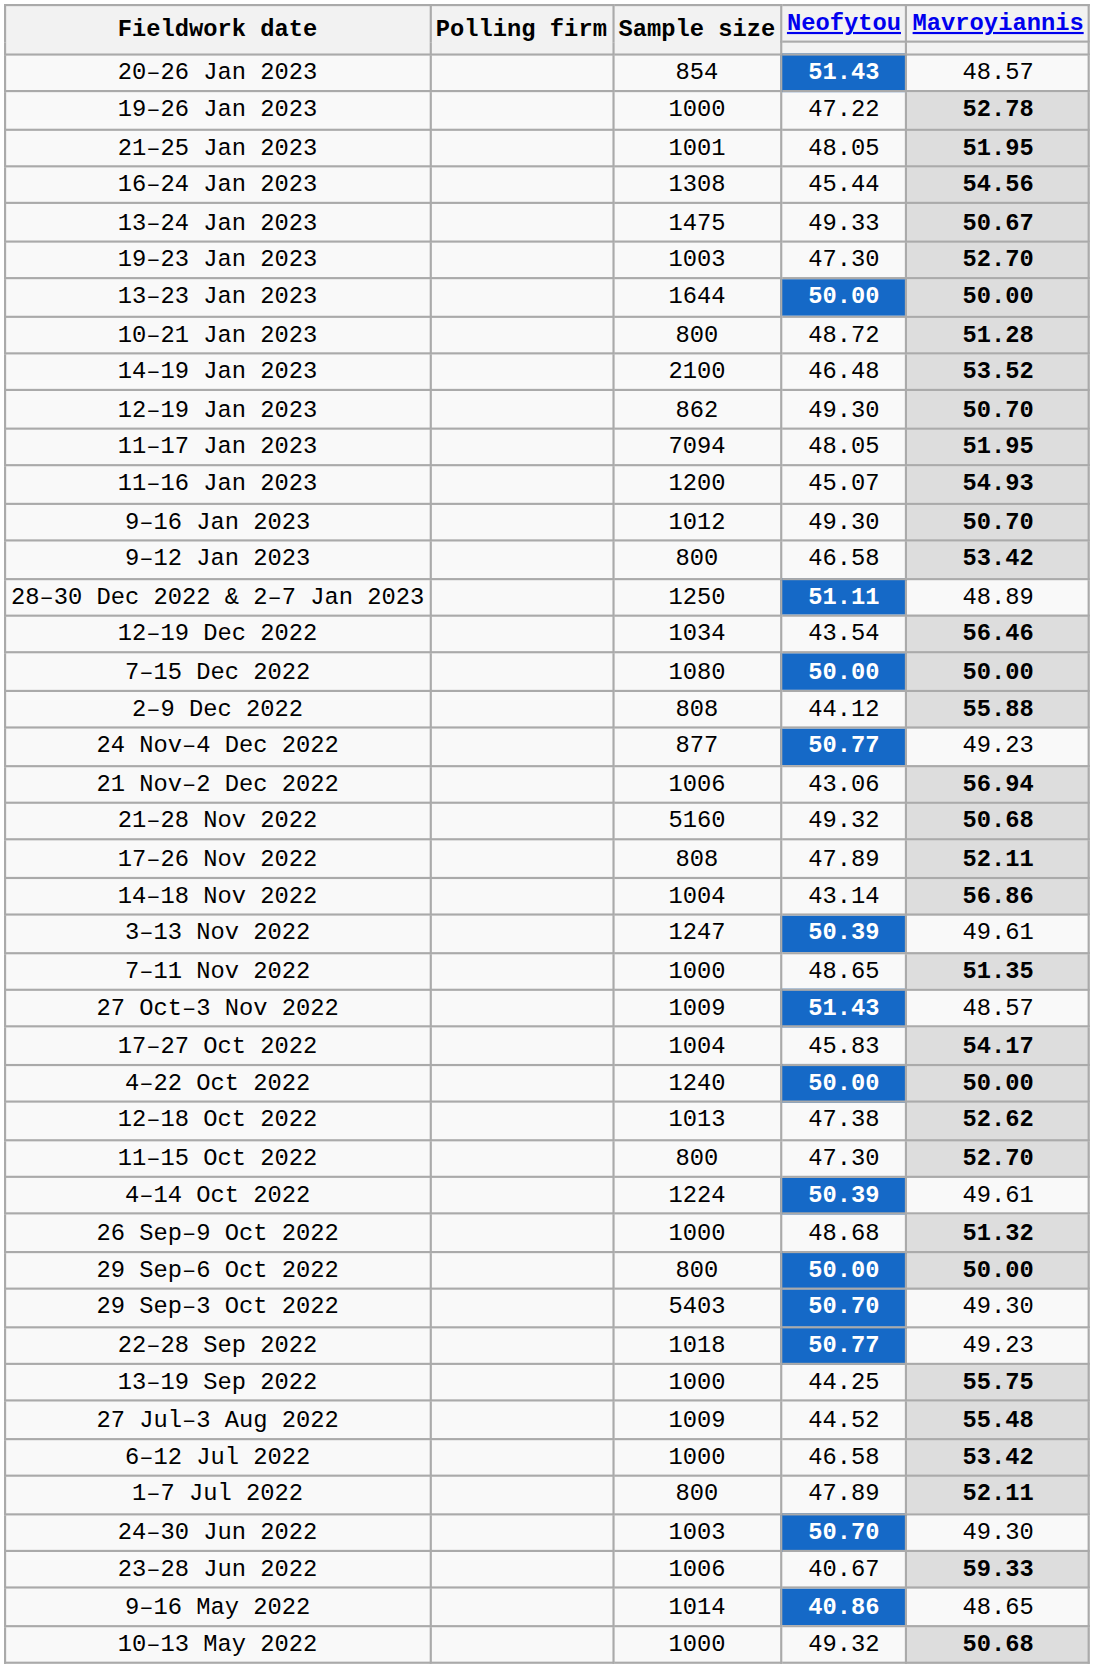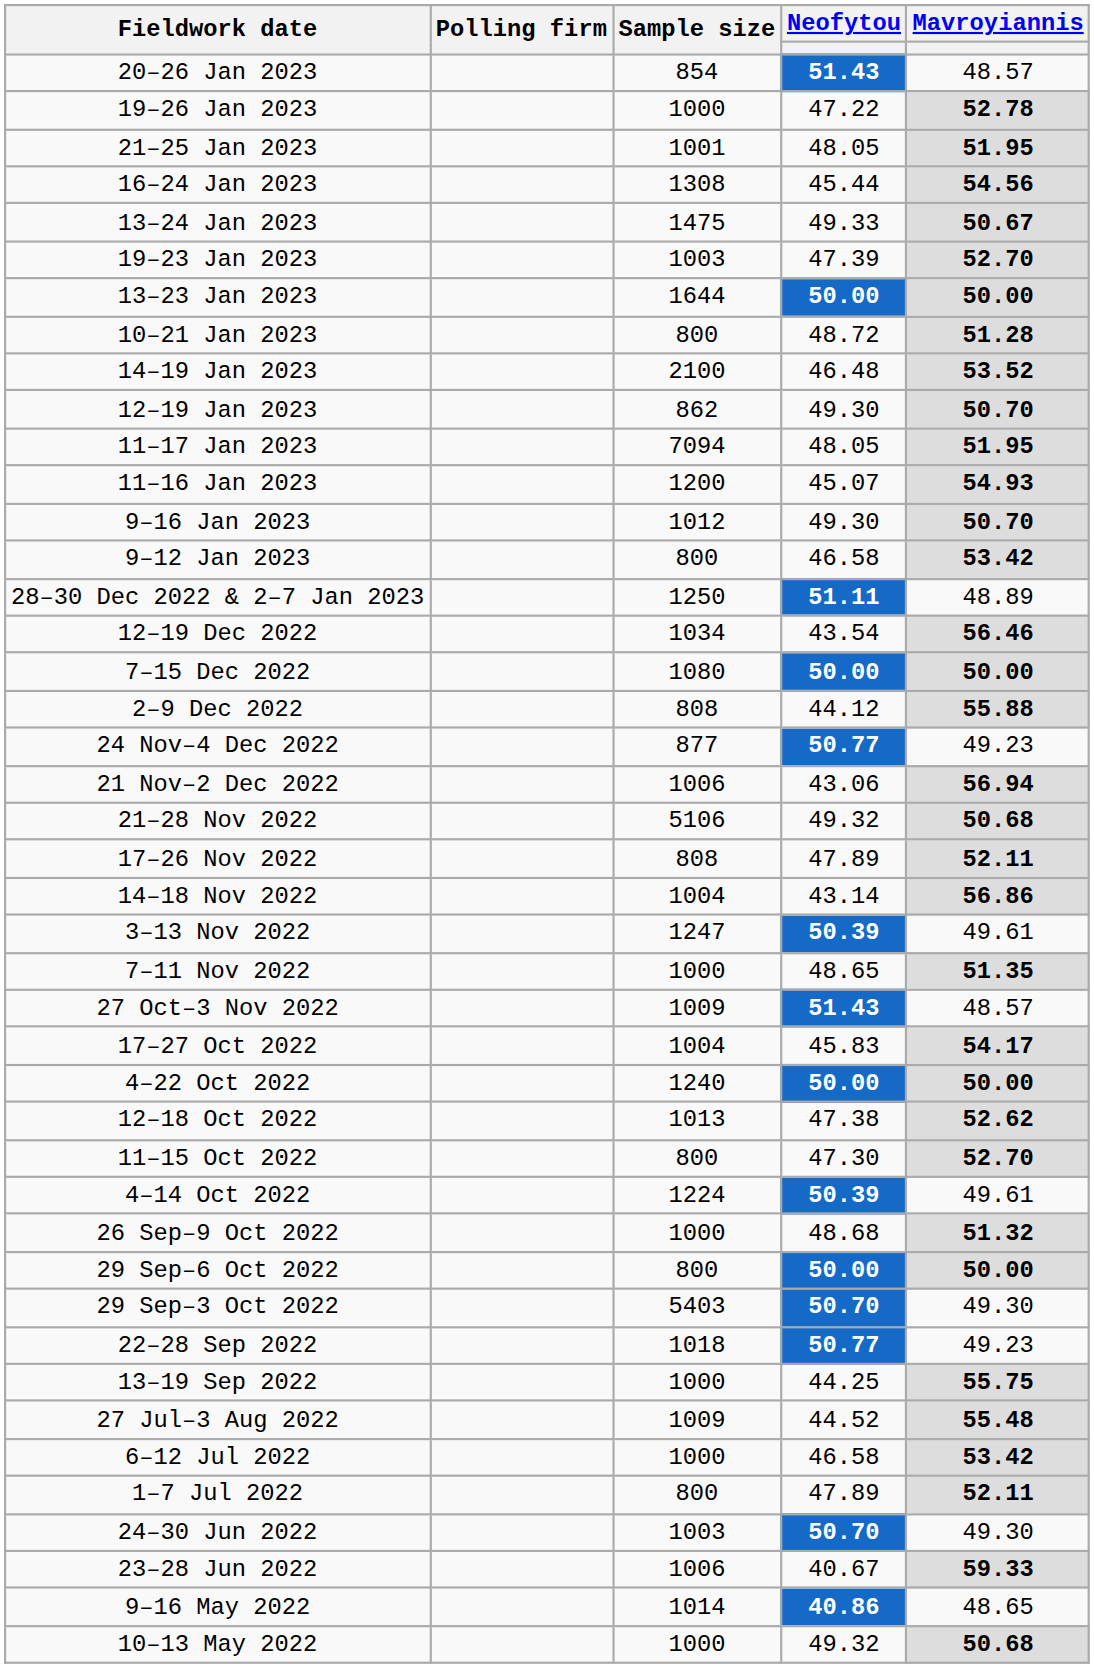 <table class="wikitable" style="text-align:center; font-size:85%;">
 <tr>
 <th rowspan="2">Fieldwork date</th>
 <th rowspan="2">Polling firm</th>
 <th rowspan="2">Sample size</th>
 <th><a href='#'>Neofytou</a><br></th>
 <th><a href='#'>Mavroyiannis</a><br></th>
 </tr>
 <tr>
 <th style="background:"></th>
 <th style="background:"></th>
 </tr>
 <tr>
 <td>20–26 Jan 2023</td>
 <td></td>
 <td>854</td>
 <th style="background:#1569C7; color:white;"><strong>51.43</strong></th>
 <td>48.57</td>
 </tr>
 <tr>
 <td>19–26 Jan 2023</td>
 <td></td>
 <td>1000</td>
 <td>47.22</td>
 <th style="background:#DDDDDD"><strong>52.78</strong></th>
 </tr>
 <tr>
 <td>21–25 Jan 2023</td>
 <td></td>
 <td>1001</td>
 <td>48.05</td>
 <th style="background:#DDDDDD"><strong>51.95</strong></th>
 </tr>
 <tr>
 <td>16–24 Jan 2023</td>
 <td></td>
 <td>1308</td>
 <td>45.44</td>
 <th style="background:#DDDDDD"><strong>54.56</strong></th>
 </tr>
 <tr>
 <td>13–24 Jan 2023</td>
 <td></td>
 <td>1475</td>
 <td>49.33</td>
 <th style="background:#DDDDDD"><strong>50.67</strong></th>
 </tr>
 <tr>
 <td>19–23 Jan 2023</td>
 <td></td>
 <td>1003</td>
-<td>47.30</td>
+<td>47.39</td>
 <th style="background:#DDDDDD"><strong>52.70</strong></th>
 </tr>
 <tr>
 <td>13–23 Jan 2023</td>
 <td></td>
 <td>1644</td>
 <th style="background:#1569C7; color:white;"><strong>50.00</strong></th>
 <th style="background:#DDDDDD"><strong>50.00</strong></th>
 </tr>
 <tr>
 <td>10–21 Jan 2023</td>
 <td></td>
 <td>800</td>
 <td>48.72</td>
 <th style="background:#DDDDDD"><strong>51.28</strong></th>
 </tr>
 <tr>
 <td>14–19 Jan 2023</td>
 <td></td>
 <td>2100</td>
 <td>46.48</td>
 <th style="background:#DDDDDD"><strong>53.52</strong></th>
 </tr>
 <tr>
 <td>12–19 Jan 2023</td>
 <td></td>
 <td>862</td>
 <td>49.30</td>
 <th style="background:#DDDDDD"><strong>50.70</strong></th>
 </tr>
 <tr>
 <td>11–17 Jan 2023</td>
 <td></td>
 <td>7094</td>
 <td>48.05</td>
 <th style="background:#DDDDDD"><strong>51.95</strong></th>
 </tr>
 <tr>
 <td>11–16 Jan 2023</td>
 <td></td>
 <td>1200</td>
 <td>45.07</td>
 <th style="background:#DDDDDD"><strong>54.93</strong></th>
 </tr>
 <tr>
 <td>9–16 Jan 2023</td>
 <td></td>
 <td>1012</td>
 <td>49.30</td>
 <th style="background:#DDDDDD"><strong>50.70</strong></th>
 </tr>
 <tr>
 <td>9–12 Jan 2023</td>
 <td></td>
 <td>800</td>
 <td>46.58</td>
 <th style="background:#DDDDDD"><strong>53.42</strong></th>
 </tr>
 <tr>
 <td>28–30 Dec 2022 & 2–7 Jan 2023</td>
 <td></td>
 <td>1250</td>
 <th style="background:#1569C7; color:white;"><strong>51.11</strong></th>
 <td>48.89</td>
 </tr>
 <tr>
 <td>12–19 Dec 2022</td>
 <td></td>
 <td>1034</td>
 <td>43.54</td>
 <th style="background:#DDDDDD"><strong>56.46</strong></th>
 </tr>
 <tr>
 <td>7–15 Dec 2022</td>
 <td></td>
 <td>1080</td>
 <th style="background:#1569C7; color:white;"><strong>50.00</strong></th>
 <th style="background:#DDDDDD"><strong>50.00</strong></th>
 </tr>
 <tr>
 <td>2–9 Dec 2022</td>
 <td></td>
 <td>808</td>
 <td>44.12</td>
 <th style="background:#DDDDDD"><strong>55.88</strong></th>
 </tr>
 <tr>
 <td>24 Nov–4 Dec 2022</td>
 <td></td>
 <td>877</td>
 <th style="background:#1569C7; color:white;"><strong>50.77</strong></th>
 <td>49.23</td>
 </tr>
 <tr>
 <td>21 Nov–2 Dec 2022</td>
 <td></td>
 <td>1006</td>
 <td>43.06</td>
 <th style="background:#DDDDDD"><strong>56.94</strong></th>
 </tr>
 <tr>
 <td>21–28 Nov 2022</td>
 <td></td>
-<td>5160</td>
+<td>5106</td>
 <td>49.32</td>
 <th style="background:#DDDDDD"><strong>50.68</strong></th>
 </tr>
 <tr>
 <td>17–26 Nov 2022</td>
 <td></td>
 <td>808</td>
 <td>47.89</td>
 <th style="background:#DDDDDD"><strong>52.11</strong></th>
 </tr>
 <tr>
 <td>14–18 Nov 2022</td>
 <td></td>
 <td>1004</td>
 <td>43.14</td>
 <th style="background:#DDDDDD"><strong>56.86</strong></th>
 </tr>
 <tr>
 <td>3–13 Nov 2022</td>
 <td></td>
 <td>1247</td>
 <th style="background:#1569C7; color:white;"><strong>50.39</strong></th>
 <td>49.61</td>
 </tr>
 <tr>
 <td>7–11 Nov 2022</td>
 <td></td>
 <td>1000</td>
 <td>48.65</td>
 <th style="background:#DDDDDD"><strong>51.35</strong></th>
 </tr>
 <tr>
 <td>27 Oct–3 Nov 2022</td>
 <td></td>
 <td>1009</td>
 <th style="background:#1569C7; color:white;"><strong>51.43</strong></th>
 <td>48.57</td>
 </tr>
 <tr>
 <td>17–27 Oct 2022</td>
 <td></td>
 <td>1004</td>
 <td>45.83</td>
 <th style="background:#DDDDDD"><strong>54.17</strong></th>
 </tr>
 <tr>
 <td>4–22 Oct 2022</td>
 <td></td>
 <td>1240</td>
 <th style="background:#1569C7; color:white;"><strong>50.00</strong></th>
 <th style="background:#DDDDDD"><strong>50.00</strong></th>
 </tr>
 <tr>
 <td>12–18 Oct 2022</td>
 <td></td>
 <td>1013</td>
 <td>47.38</td>
 <th style="background:#DDDDDD"><strong>52.62</strong></th>
 </tr>
 <tr>
 <td>11–15 Oct 2022</td>
 <td></td>
 <td>800</td>
 <td>47.30</td>
 <th style="background:#DDDDDD"><strong>52.70</strong></th>
 </tr>
 <tr>
 <td>4–14 Oct 2022</td>
 <td></td>
 <td>1224</td>
 <th style="background:#1569C7; color:white;"><strong>50.39</strong></th>
 <td>49.61</td>
 </tr>
 <tr>
 <td>26 Sep–9 Oct 2022</td>
 <td></td>
 <td>1000</td>
 <td>48.68</td>
 <th style="background:#DDDDDD"><strong>51.32</strong></th>
 </tr>
 <tr>
 <td>29 Sep–6 Oct 2022</td>
 <td></td>
 <td>800</td>
 <th style="background:#1569C7; color:white;"><strong>50.00</strong></th>
 <th style="background:#DDDDDD"><strong>50.00</strong></th>
 </tr>
 <tr>
 <td>29 Sep–3 Oct 2022</td>
 <td></td>
 <td>5403</td>
 <th style="background:#1569C7; color:white;"><strong>50.70</strong></th>
 <td>49.30</td>
 </tr>
 <tr>
 <td>22–28 Sep 2022</td>
 <td></td>
 <td>1018</td>
 <th style="background:#1569C7; color:white;"><strong>50.77</strong></th>
 <td>49.23</td>
 </tr>
 <tr>
 <td>13–19 Sep 2022</td>
 <td></td>
 <td>1000</td>
 <td>44.25</td>
 <th style="background:#DDDDDD"><strong>55.75</strong></th>
 </tr>
 <tr>
 <td>27 Jul–3 Aug 2022</td>
 <td></td>
 <td>1009</td>
 <td>44.52</td>
 <th style="background:#DDDDDD"><strong>55.48</strong></th>
 </tr>
 <tr>
 <td>6–12 Jul 2022</td>
 <td></td>
 <td>1000</td>
 <td>46.58</td>
 <th style="background:#DDDDDD"><strong>53.42</strong></th>
 </tr>
 <tr>
 <td>1–7 Jul 2022</td>
 <td></td>
 <td>800</td>
 <td>47.89</td>
 <th style="background:#DDDDDD"><strong>52.11</strong></th>
 </tr>
 <tr>
 <td>24–30 Jun 2022</td>
 <td></td>
 <td>1003</td>
 <th style="background:#1569C7; color:white;"><strong>50.70</strong></th>
 <td>49.30</td>
 </tr>
 <tr>
 <td>23–28 Jun 2022</td>
 <td></td>
 <td>1006</td>
 <td>40.67</td>
 <th style="background:#DDDDDD"><strong>59.33</strong></th>
 </tr>
 <tr>
 <td>9–16 May 2022</td>
 <td></td>
 <td>1014</td>
 <th style="background:#1569C7; color:white;"><strong>40.86</strong></th>
 <td>48.65</td>
 </tr>
 <tr>
 <td>10–13 May 2022</td>
 <td></td>
 <td>1000</td>
 <td>49.32</td>
 <th style="background:#DDDDDD"><strong>50.68</strong></th>
 </tr>
 </table>
